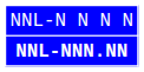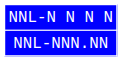 <table class="wikitable" style="background:blue; color:white; text-align:center;">
 <tr>
 <td style="border:1px solid white;">NNL-N N N N</td>
 </tr>
 <tr>
-<td style="border:1px solid white;"><strong>NNL-NNN.NN</strong></td>
+<td style="border:1px solid white;">NNL-NNN.NN</td>
 </tr>
 </table>
